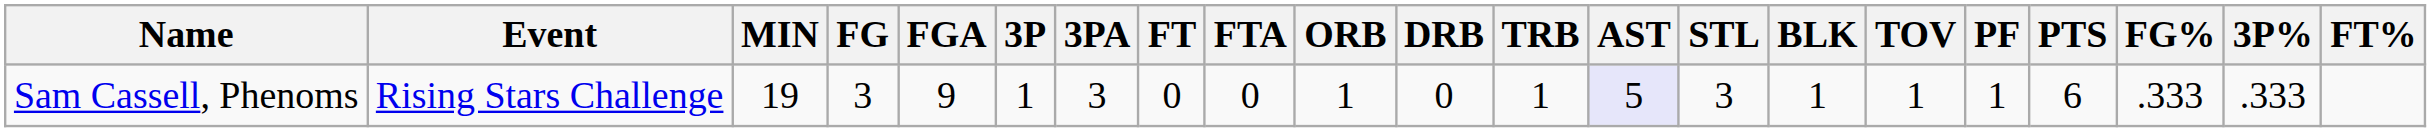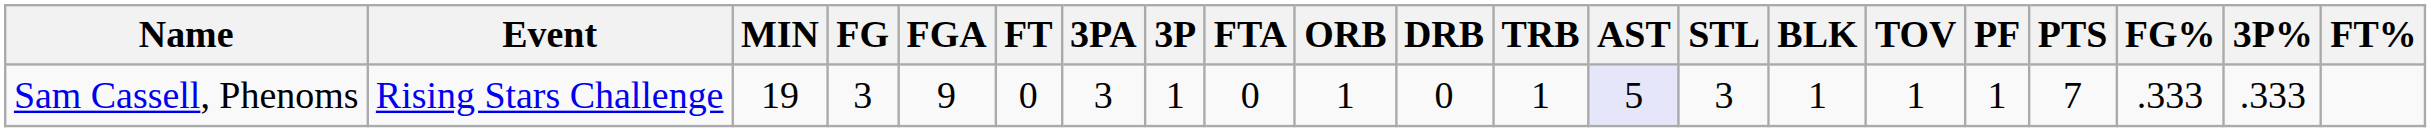 <table class="wikitable sortable sortable" style="text-align: center">
 <tr>
 <th>Name</th>
 <th>Event</th>
 <th>MIN</th>
 <th>FG</th>
 <th>FGA</th>
+<th>FT</th>
+<th>3PA</th>
 <th>3P</th>
-<th>3PA</th>
-<th>FT</th>
 <th>FTA</th>
 <th>ORB</th>
 <th>DRB</th>
 <th>TRB</th>
 <th>AST</th>
 <th>STL</th>
 <th>BLK</th>
 <th>TOV</th>
 <th>PF</th>
 <th>PTS</th>
 <th>FG%</th>
 <th>3P%</th>
 <th>FT%</th>
 </tr>
 <tr>
 <td><a href='#'>Sam Cassell</a>, Phenoms</td>
 <td><a href='#'>Rising Stars Challenge</a></td>
 <td>19</td>
 <td>3</td>
 <td>9</td>
+<td>0</td>
+<td>3</td>
 <td>1</td>
-<td>3</td>
-<td>0</td>
 <td>0</td>
 <td>1</td>
 <td>0</td>
 <td>1</td>
 <td style="background: lavender;">5</td>
 <td>3</td>
 <td>1</td>
 <td>1</td>
 <td>1</td>
-<td>6</td>
+<td>7</td>
 <td>.333</td>
 <td>.333</td>
 <td></td>
 </tr>
 </table>
